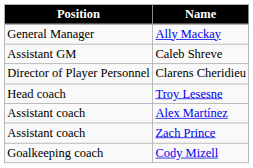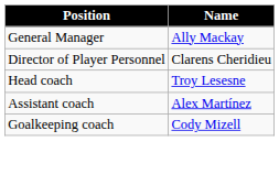 <table class="wikitable">
 <tr>
 <th style="background:#000000; color:white;">Position</th>
 <th style="background:#000000; color:white;">Name</th>
 </tr>
 <tr>
 <td>General Manager</td>
 <td align=left> <a href='#'>Ally Mackay</a></td>
-</tr>
-<tr>
-<td>Assistant GM</td>
-<td align=left> Caleb Shreve</td>
 </tr>
 <tr>
 <td>Director of Player Personnel</td>
 <td align=left> Clarens Cheridieu</td>
 </tr>
 <tr>
 <td>Head coach</td>
 <td align=left> <a href='#'>Troy Lesesne</a></td>
 </tr>
 <tr>
 <td>Assistant coach</td>
 <td align=left> <a href='#'>Alex Martínez</a></td>
 </tr>
 <tr>
-<td>Assistant coach</td>
-<td align=left> <a href='#'>Zach Prince</a></td>
-</tr>
-<tr>
 <td>Goalkeeping coach</td>
 <td align=left> <a href='#'>Cody Mizell</a></td>
 </tr>
 </table>
